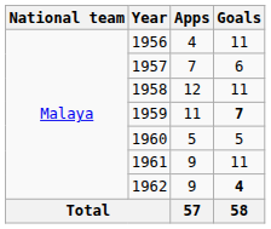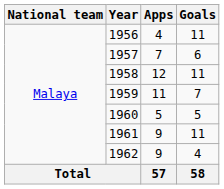 <table class="wikitable" style="text-align:center">
 <tr>
 <th>National team</th>
 <th>Year</th>
 <th>Apps</th>
 <th>Goals</th>
 </tr>
 <tr>
 <td rowspan="7"><a href='#'>Malaya</a></td>
 <td>1956</td>
 <td>4</td>
 <td>11</td>
 </tr>
 <tr>
 <td>1957</td>
 <td>7</td>
 <td>6</td>
 </tr>
 <tr>
 <td>1958</td>
 <td>12</td>
 <td>11</td>
 </tr>
 <tr>
 <td>1959</td>
 <td>11</td>
-<td><strong>7</strong></td>
+<td>7</td>
 </tr>
 <tr>
 <td>1960</td>
 <td>5</td>
 <td>5</td>
 </tr>
 <tr>
 <td>1961</td>
 <td>9</td>
 <td>11</td>
 </tr>
 <tr>
 <td>1962</td>
 <td>9</td>
-<td><strong>4</strong></td>
+<td>4</td>
 </tr>
 <tr>
 <th colspan="2">Total</th>
 <th>57</th>
 <th>58</th>
 </tr>
 </table>
